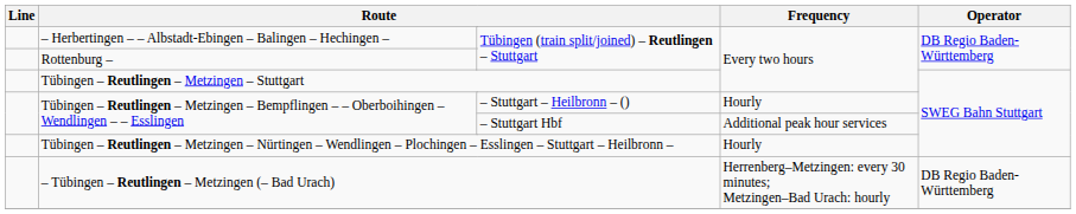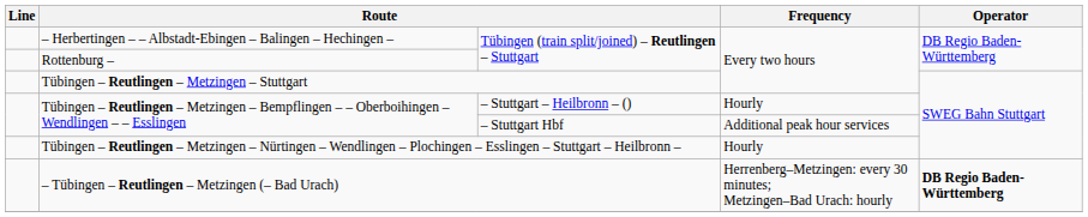 <table class="wikitable">
 <tr>
 <th>Line</th>
 <th colspan="3">Route</th>
 <th>Frequency</th>
 <th>Operator</th>
 </tr>
 <tr>
 <td></td>
 <td colspan="2"> – Herbertingen –  – Albstadt-Ebingen – Balingen – Hechingen –</td>
 <td rowspan=2><a href='#'>Tübingen</a> (<a href='#'>train split/joined</a>) – <strong>Reutlingen</strong> – <a href='#'>Stuttgart</a></td>
 <td rowspan="3">Every two hours</td>
 <td rowspan="2"><a href='#'>DB Regio Baden-Württemberg</a></td>
 </tr>
 <tr>
 <td></td>
 <td colspan="2">Rottenburg –</td>
 </tr>
 <tr>
 <td></td>
 <td colspan="3">Tübingen – <strong>Reutlingen</strong> – <a href='#'>Metzingen</a> – Stuttgart</td>
 <td rowspan="4"><a href='#'>SWEG Bahn Stuttgart</a></td>
 </tr>
 <tr>
 <td rowspan="2"></td>
 <td rowspan=2 colspan="2">Tübingen – <strong>Reutlingen</strong> – Metzingen – Bempflingen –  – Oberboihingen – <a href='#'>Wendlingen</a> –  – <a href='#'>Esslingen</a></td>
 <td>– Stuttgart – <a href='#'>Heilbronn</a> – ()</td>
 <td>Hourly</td>
 </tr>
 <tr>
 <td>– Stuttgart Hbf</td>
 <td>Additional peak hour services</td>
 </tr>
 <tr>
 <td></td>
 <td colspan="3">Tübingen – <strong>Reutlingen</strong> – Metzingen – Nürtingen – Wendlingen – Plochingen – Esslingen – Stuttgart – Heilbronn – </td>
 <td>Hourly</td>
 </tr>
 <tr>
 <td></td>
 <td colspan="3"> – Tübingen – <strong>Reutlingen</strong> – Metzingen (– Bad Urach)</td>
 <td>Herrenberg–Metzingen: every 30 minutes;<br>Metzingen–Bad Urach: hourly</td>
-<td>DB Regio Baden-Württemberg</td>
+<td><strong>DB Regio Baden-Württemberg</strong></td>
 </tr>
 <tr>
 </tr>
 </table>
